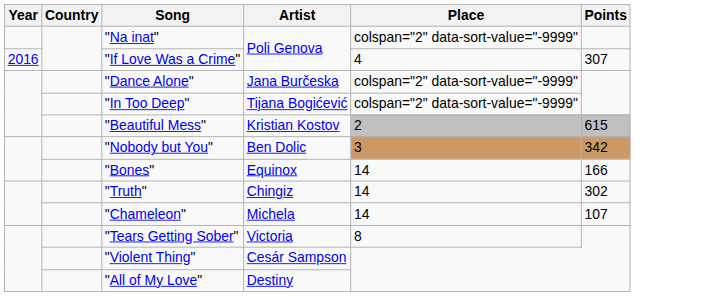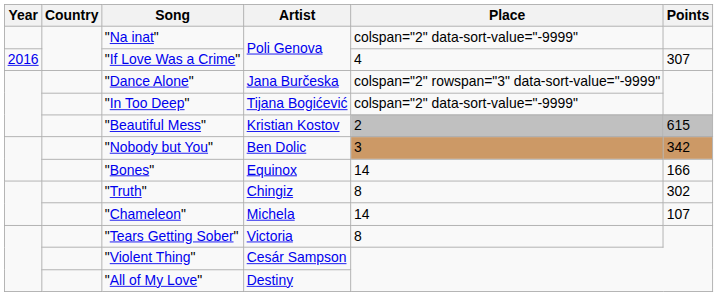 <table class="sortable wikitable" align="center">
 <tr>
 <th>Year</th>
 <th>Country</th>
 <th>Song</th>
 <th>Artist</th>
 <th>Place</th>
 <th>Points</th>
 </tr>
 <tr>
 <td></td>
 <td rowspan="2"></td>
 <td>"<a href='#'>Na inat</a>"</td>
 <td rowspan="2"><a href='#'>Poli Genova</a></td>
 <td>colspan="2" data-sort-value="-9999" </td>
 </tr>
 <tr>
 <td><a href='#'>2016</a></td>
 <td>"<a href='#'>If Love Was a Crime</a>"</td>
 <td>4</td>
 <td>307</td>
 </tr>
 <tr>
 <td rowspan="3"></td>
 <td></td>
 <td>"<a href='#'>Dance Alone</a>"</td>
 <td><a href='#'>Jana Burčeska</a></td>
-<td>colspan="2" data-sort-value="-9999" </td>
+<td>colspan="2" rowspan="3" data-sort-value="-9999" </td>
 </tr>
 <tr>
 <td></td>
 <td>"<a href='#'>In Too Deep</a>"</td>
 <td><a href='#'>Tijana Bogićević</a></td>
 <td>colspan="2" data-sort-value="-9999" </td>
 </tr>
 <tr>
 <td></td>
 <td>"<a href='#'>Beautiful Mess</a>"</td>
 <td><a href='#'>Kristian Kostov</a></td>
 <td bgcolor = "silver">2</td>
 <td bgcolor = "silver">615</td>
 </tr>
 <tr>
 <td rowspan="2"></td>
 <td></td>
 <td>"<a href='#'>Nobody but You</a>"</td>
 <td><a href='#'>Ben Dolic</a></td>
 <td bgcolor = "#CC9966">3</td>
 <td bgcolor = "#CC9966">342</td>
 </tr>
 <tr>
 <td></td>
 <td>"<a href='#'>Bones</a>"</td>
 <td><a href='#'>Equinox</a></td>
 <td>14</td>
 <td>166</td>
 </tr>
 <tr>
 <td rowspan="2"></td>
 <td></td>
 <td>"<a href='#'>Truth</a>"</td>
 <td><a href='#'>Chingiz</a></td>
-<td>14</td>
+<td>8</td>
 <td>302</td>
 </tr>
 <tr>
 <td></td>
 <td>"<a href='#'>Chameleon</a>"</td>
 <td><a href='#'>Michela</a></td>
 <td>14</td>
 <td>107</td>
 </tr>
 <tr>
 <td rowspan="3"></td>
 <td></td>
 <td>"<a href='#'>Tears Getting Sober</a>"</td>
 <td><a href='#'>Victoria</a></td>
 <td>8</td>
 </tr>
 <tr>
 <td></td>
 <td>"<a href='#'>Violent Thing</a>"</td>
 <td><a href='#'>Cesár Sampson</a></td>
 </tr>
 <tr>
 <td></td>
 <td>"<a href='#'>All of My Love</a>"</td>
 <td><a href='#'>Destiny</a></td>
 </tr>
 </table>
